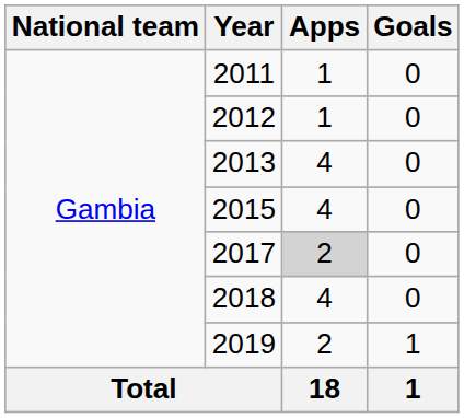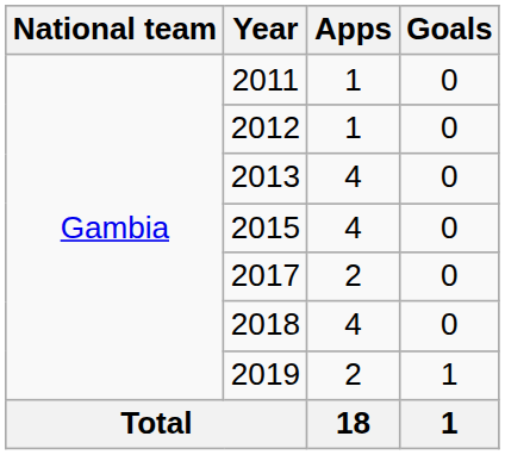 <table class="wikitable" style="text-align:center">
 <tr>
 <th>National team</th>
 <th>Year</th>
 <th>Apps</th>
 <th>Goals</th>
 </tr>
 <tr>
 <td rowspan="7"><a href='#'>Gambia</a></td>
 <td>2011</td>
 <td>1</td>
 <td>0</td>
 </tr>
 <tr>
 <td>2012</td>
 <td>1</td>
 <td>0</td>
 </tr>
 <tr>
 <td>2013</td>
 <td>4</td>
 <td>0</td>
 </tr>
 <tr>
 <td>2015</td>
 <td>4</td>
 <td>0</td>
 </tr>
 <tr>
 <td>2017</td>
-<td style="background: lightgrey;">2</td>
+<td>2</td>
 <td>0</td>
 </tr>
 <tr>
 <td>2018</td>
 <td>4</td>
 <td>0</td>
 </tr>
 <tr>
 <td>2019</td>
 <td>2</td>
 <td>1</td>
 </tr>
 <tr>
 <th colspan="2">Total</th>
 <th>18</th>
 <th>1</th>
 </tr>
 </table>
